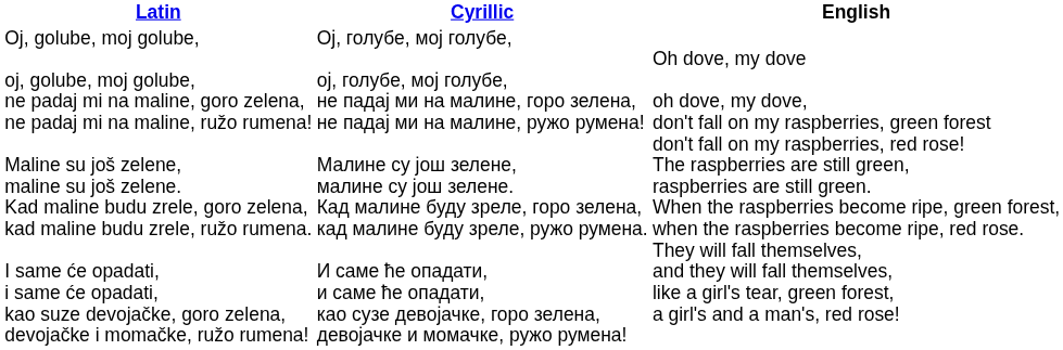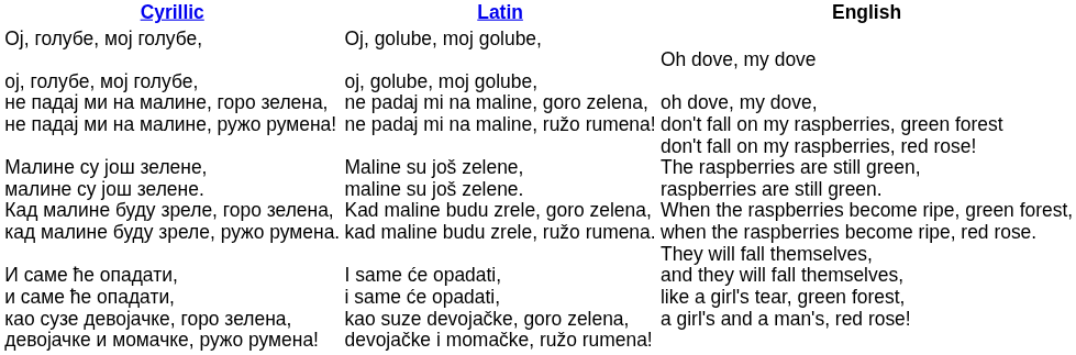 <table>
 <tr>
+<th><a href='#'>Cyrillic</a></th>
 <th><a href='#'>Latin</a></th>
-<th><a href='#'>Cyrillic</a></th>
 <th>English</th>
 </tr>
 <tr>
+<td>Ој, голубе, мој голубе,<br><br>ој, голубе, мој голубе,<br> не падај ми на малине, горо зелена,<br> не падај ми на малине, ружо румена!<br><br>Малине су још зелене,<br> малине су још зелене.<br> Кад малине буду зреле, горо зелена,<br> кад малине буду зреле, ружо румена.<br><br>И саме ће опадати,<br> и саме ће опадати,<br> као сузе девојачке, горо зелена,<br> девојачке и момачке, ружо румена!<br></td>
 <td>Oj, golube, moj golube,<br><br>oj, golube, moj golube,<br> ne padaj mi na maline, goro zelena,<br> ne padaj mi na maline, ružo rumena!<br><br>Maline su još zelene,<br> maline su još zelene.<br> Kad maline budu zrele, goro zelena,<br> kad maline budu zrele, ružo rumena.<br><br>I same će opadati,<br> i same će opadati,<br> kao suze devojačke, goro zelena,<br> devojačke i momačke, ružo rumena!</td>
-<td>Ој, голубе, мој голубе,<br><br>ој, голубе, мој голубе,<br> не падај ми на малине, горо зелена,<br> не падај ми на малине, ружо румена!<br><br>Малине су још зелене,<br> малине су још зелене.<br> Кад малине буду зреле, горо зелена,<br> кад малине буду зреле, ружо румена.<br><br>И саме ће опадати,<br> и саме ће опадати,<br> као сузе девојачке, горо зелена,<br> девојачке и момачке, ружо румена!<br></td>
 <td>Oh dove, my dove<br><br>oh dove, my dove,<br> don't fall on my raspberries, green forest<br> don't fall on my raspberries, red rose!<br>The raspberries are still green,<br> raspberries are still green.<br> When the raspberries become ripe, green forest,<br> when the raspberries become ripe, red rose.<br>They will fall themselves,<br> and they will fall themselves,<br> like a girl's tear, green forest,<br> a girl's and a man's, red rose!<br></td>
 </tr>
 </table>
